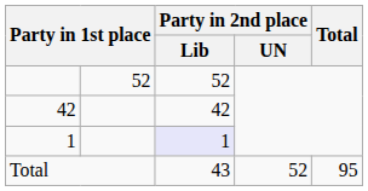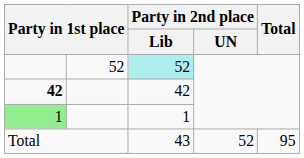 <table class="wikitable" style="text-align:right;">
 <tr>
 <th rowspan="2" colspan="2" style="text-align:left;">Party in 1st place</th>
 <th colspan="2">Party in 2nd place</th>
 <th rowspan="2">Total</th>
 </tr>
 <tr>
 <th>Lib</th>
 <th>UN</th>
 </tr>
 <tr>
 <td></td>
 <td>52</td>
-<td>52</td>
+<td style="background: paleturquoise;">52</td>
 </tr>
 <tr>
-<td>42</td>
+<td><strong>42</strong></td>
 <td></td>
 <td>42</td>
 </tr>
 <tr>
+<td style="background: lightgreen;">1</td>
+<td></td>
 <td>1</td>
-<td></td>
-<td style="background: lavender;">1</td>
 </tr>
 <tr>
 <td colspan="2" style="text-align:left;">Total</td>
 <td>43</td>
 <td>52</td>
 <td>95</td>
 </tr>
 </table>
